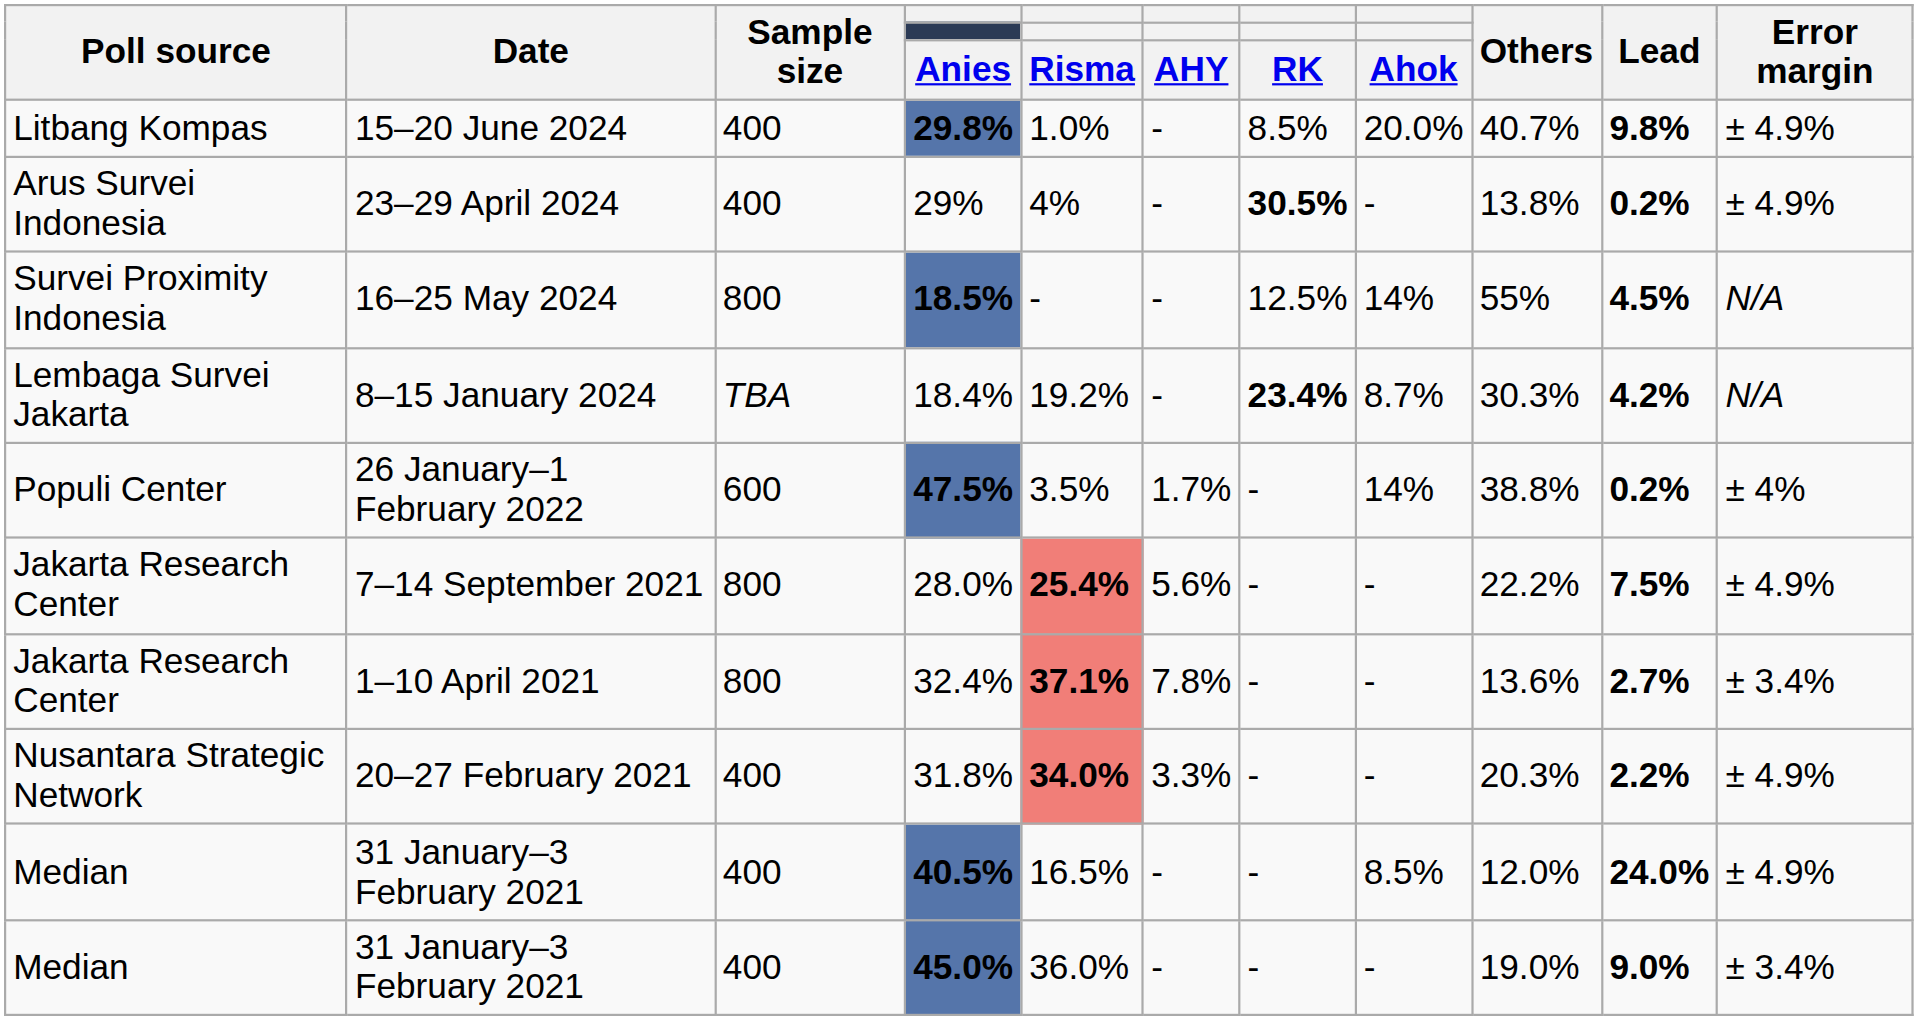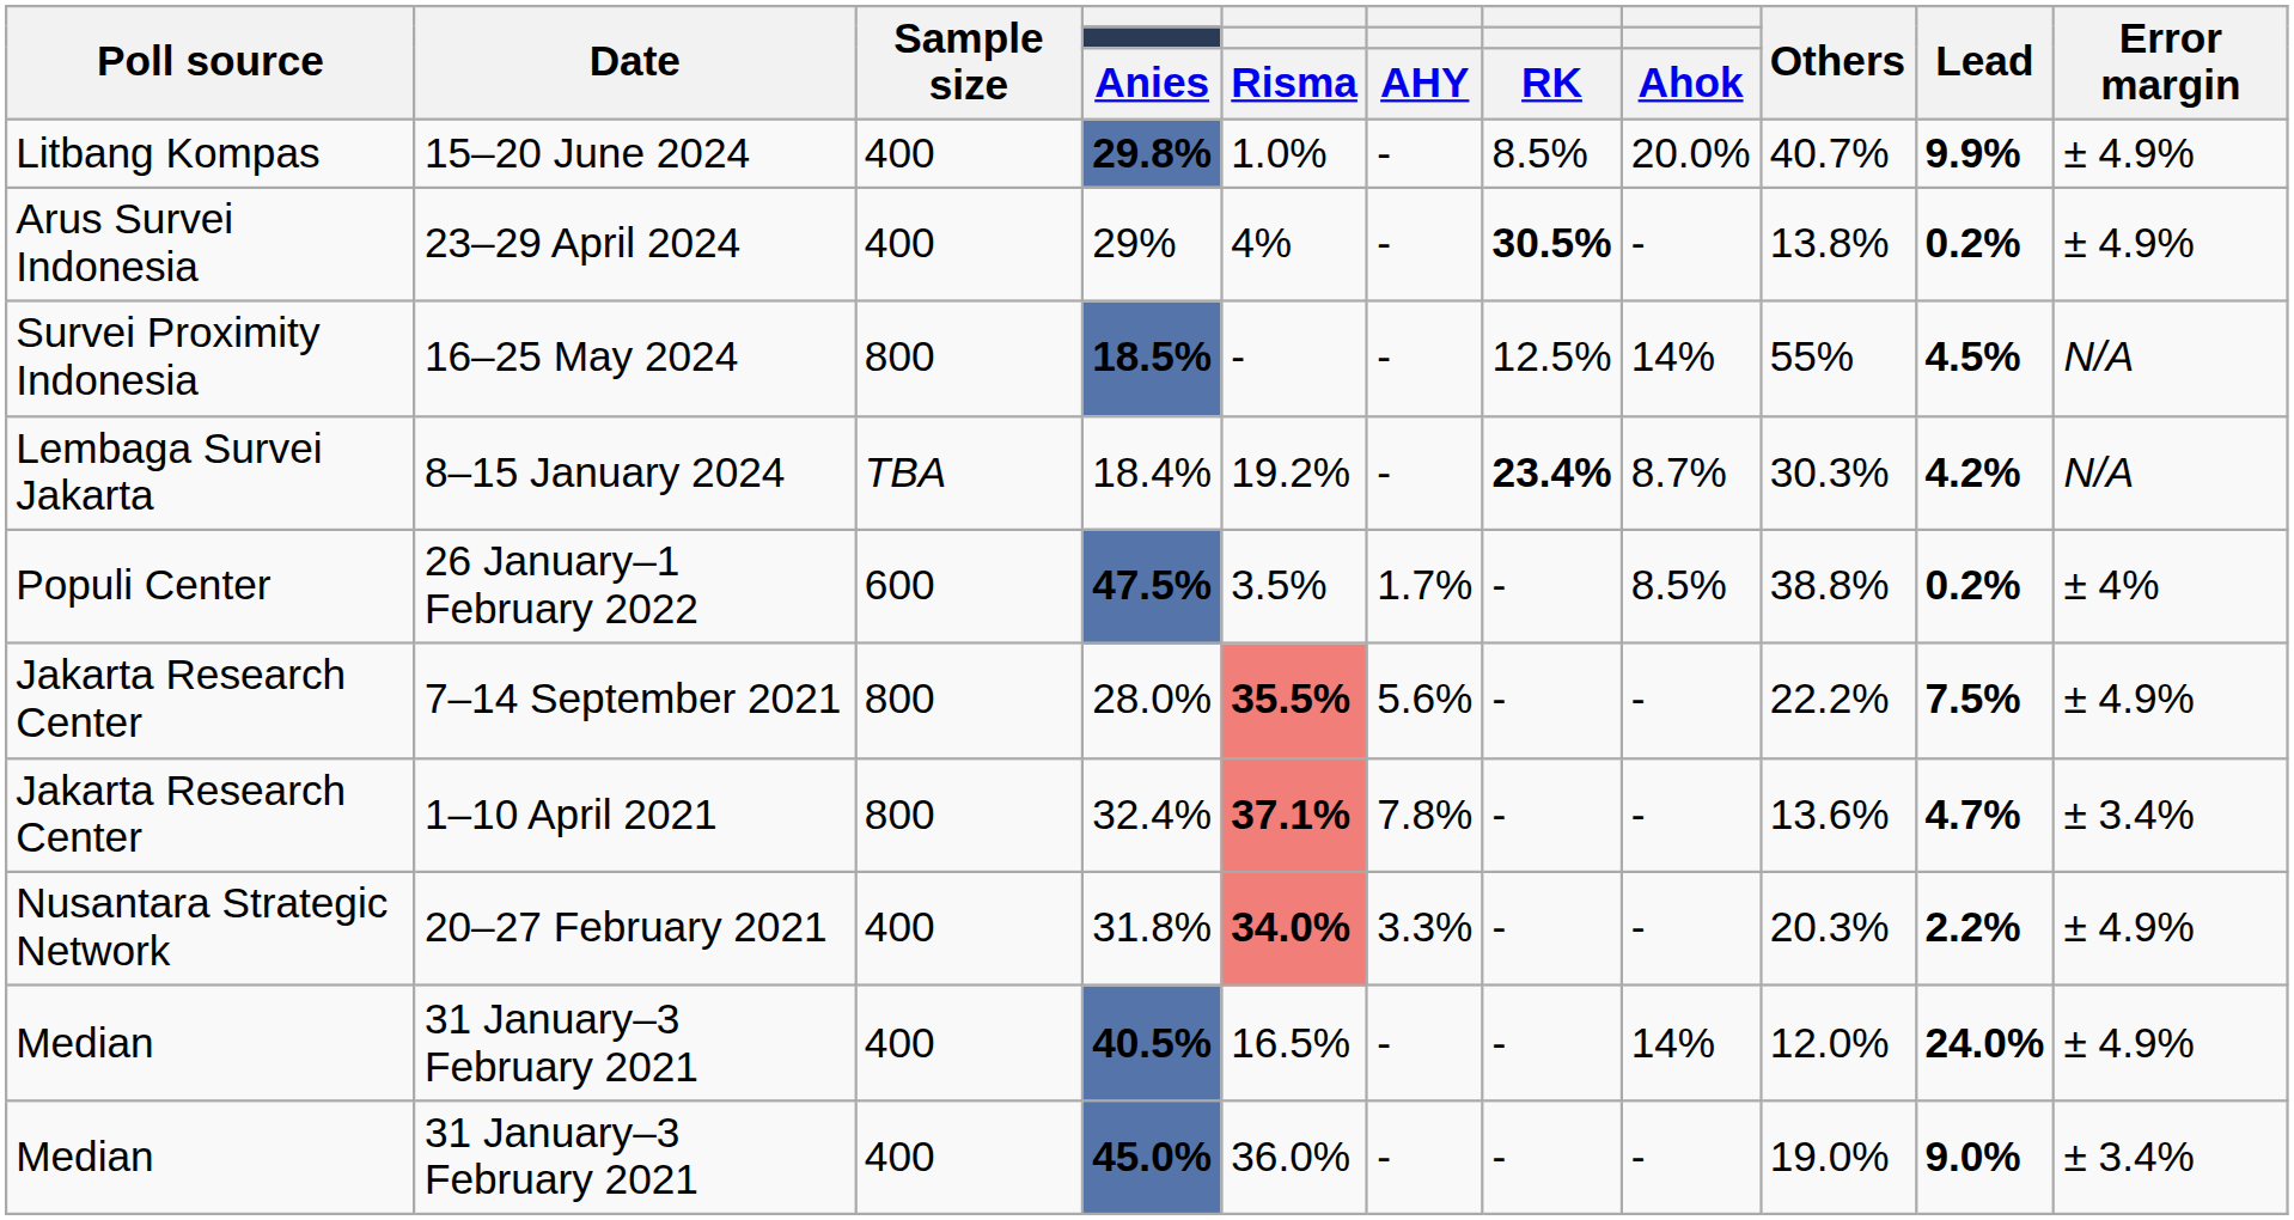 <table class="wikitable sortable">
 <tr>
 <th rowspan="3">Poll source</th>
 <th rowspan="3">Date</th>
 <th rowspan="3">Sample size</th>
 <th></th>
 <th></th>
 <th></th>
 <th></th>
 <th></th>
 <th rowspan="3">Others</th>
 <th rowspan="3">Lead</th>
 <th rowspan="3">Error margin</th>
 </tr>
 <tr>
 <th style="background:#2B3A55;"></th>
 <th style="background:"></th>
 <th style="background:"></th>
 <th style="background:"></th>
 <th style="background:"></th>
 </tr>
 <tr>
 <th><a href='#'>Anies</a></th>
 <th><a href='#'>Risma</a></th>
 <th><a href='#'>AHY</a></th>
 <th><a href='#'>RK</a></th>
 <th><a href='#'>Ahok</a></th>
 </tr>
 <tr>
 <td>Litbang Kompas</td>
 <td>15–20 June 2024</td>
 <td>400</td>
 <td style="background:#5575AA"><strong>29.8%</strong></td>
 <td>1.0%</td>
 <td>-</td>
 <td>8.5%</td>
 <td>20.0%</td>
 <td>40.7%</td>
-<td style="background:"><strong>9.8%</strong></td>
+<td style="background:"><strong>9.9%</strong></td>
 <td>± 4.9%</td>
 </tr>
 <tr>
 <td>Arus Survei Indonesia</td>
 <td>23–29 April 2024</td>
 <td>400</td>
 <td>29%</td>
 <td>4%</td>
 <td>-</td>
 <td style="background:#"><strong>30.5%</strong></td>
 <td>-</td>
 <td>13.8%</td>
 <td style="background:"><strong>0.2%</strong></td>
 <td>± 4.9%</td>
 </tr>
 <tr>
 <td>Survei Proximity Indonesia</td>
 <td>16–25 May 2024</td>
 <td>800</td>
 <td style="background:#5575AA"><strong>18.5%</strong></td>
 <td>-</td>
 <td>-</td>
 <td>12.5%</td>
 <td>14%</td>
 <td>55%</td>
 <td style="background:"><strong>4.5%</strong></td>
 <td><em>N/A</em></td>
 </tr>
 <tr>
 <td>Lembaga Survei Jakarta</td>
 <td>8–15 January 2024</td>
 <td><em>TBA</em></td>
 <td>18.4%</td>
 <td>19.2%</td>
 <td>-</td>
 <td style="background:#"><strong>23.4%</strong></td>
 <td>8.7%</td>
 <td>30.3%</td>
 <td style="background:"><strong>4.2%</strong></td>
 <td><em>N/A</em></td>
 </tr>
 <tr>
 <td>Populi Center</td>
 <td>26 January–1 February 2022</td>
 <td>600</td>
 <td style="background:#5575AA"><strong>47.5%</strong></td>
 <td>3.5%</td>
 <td>1.7%</td>
 <td>-</td>
-<td>14%</td>
+<td>8.5%</td>
 <td>38.8%</td>
 <td style="background:"><strong>0.2%</strong></td>
 <td>± 4%</td>
 </tr>
 <tr>
 <td>Jakarta Research<br>Center</td>
 <td>7–14 September 2021</td>
 <td>800</td>
 <td>28.0%</td>
-<td style="background:#F17E78"><strong>25.4%</strong></td>
+<td style="background:#F17E78"><strong>35.5%</strong></td>
 <td>5.6%</td>
 <td>-</td>
 <td>-</td>
 <td>22.2%</td>
 <td style="background:"><strong>7.5%</strong></td>
 <td>± 4.9%</td>
 </tr>
 <tr>
 <td>Jakarta Research<br>Center</td>
 <td>1–10 April 2021</td>
 <td>800</td>
 <td>32.4%</td>
 <td style="background:#F17E78"><strong>37.1%</strong></td>
 <td>7.8%</td>
 <td>-</td>
 <td>-</td>
 <td>13.6%</td>
-<td style="background:"><strong>2.7%</strong></td>
+<td style="background:"><strong>4.7%</strong></td>
 <td>± 3.4%</td>
 </tr>
 <tr>
 <td>Nusantara Strategic<br>Network</td>
 <td>20–27 February 2021</td>
 <td>400</td>
 <td>31.8%</td>
 <td style="background:#F17E78"><strong>34.0%</strong></td>
 <td>3.3%</td>
 <td>-</td>
 <td>-</td>
 <td>20.3%</td>
 <td style="background:"><strong>2.2%</strong></td>
 <td>± 4.9%</td>
 </tr>
 <tr>
 <td>Median</td>
 <td>31 January–3 February 2021</td>
 <td>400</td>
 <td style="background:#5575AA"><strong>40.5%</strong></td>
 <td>16.5%</td>
 <td>-</td>
 <td>-</td>
-<td>8.5%</td>
+<td>14%</td>
 <td>12.0%</td>
 <td style="background:"><strong>24.0%</strong></td>
 <td>± 4.9%</td>
 </tr>
 <tr>
 <td>Median</td>
 <td>31 January–3 February 2021</td>
 <td>400</td>
 <td style="background:#5575AA"><strong>45.0%</strong></td>
 <td>36.0%</td>
 <td>-</td>
 <td>-</td>
 <td>-</td>
 <td>19.0%</td>
 <td style="background:"><strong>9.0%</strong></td>
 <td>± 3.4%</td>
 </tr>
 </table>
